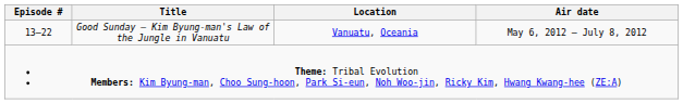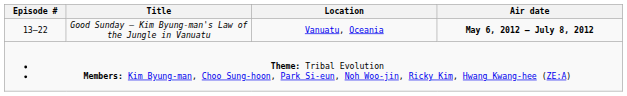 <table class="wikitable" style="text-align:center; font-size:90%; width:100%;">
 <tr>
 <th width="10%">Episode #</th>
 <th width="30%">Title</th>
 <th width="30%">Location</th>
 <th width="30%">Air date</th>
 </tr>
 <tr>
 <td>13–22</td>
 <td><em>Good Sunday – Kim Byung-man's Law of the Jungle in Vanuatu</em></td>
 <td><a href='#'>Vanuatu</a>, <a href='#'>Oceania</a></td>
-<td>May 6, 2012 – July 8, 2012</td>
+<td><strong>May 6, 2012 – July 8, 2012</strong></td>
 </tr>
 <tr>
 <td colspan="4"><br><ul><li><strong>Theme:</strong> Tribal Evolution</li><li><strong>Members:</strong> <a href='#'>Kim Byung-man</a>, <a href='#'>Choo Sung-hoon</a>, <a href='#'>Park Si-eun</a>, <a href='#'>Noh Woo-jin</a>, <a href='#'>Ricky Kim</a>, <a href='#'>Hwang Kwang-hee</a> (<a href='#'>ZE:A</a>)</li></ul></td>
 </tr>
 </table>
